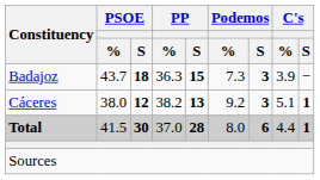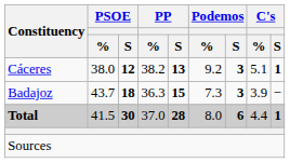 <table class="wikitable sortable" style="text-align:right; line-height:20px;">
 <tr>
 <th rowspan="3">Constituency</th>
 <th colspan="2" width="30px" class="unsortable"><a href='#'>PSOE</a></th>
 <th colspan="2" width="30px" class="unsortable"><a href='#'>PP</a></th>
 <th colspan="2" width="30px" class="unsortable"><a href='#'>Podemos</a></th>
 <th colspan="2" width="30px" class="unsortable"><a href='#'>C's</a></th>
 </tr>
 <tr>
 <th colspan="2" style="background:"></th>
 <th colspan="2" style="background:"></th>
 <th colspan="2" style="background:"></th>
 <th colspan="2" style="background:"></th>
 </tr>
 <tr>
 <th data-sort-type="number">%</th>
 <th data-sort-type="number">S</th>
 <th data-sort-type="number">%</th>
 <th data-sort-type="number">S</th>
 <th data-sort-type="number">%</th>
 <th data-sort-type="number">S</th>
 <th data-sort-type="number">%</th>
 <th data-sort-type="number">S</th>
 </tr>
 <tr>
+<td align="left"><a href='#'>Cáceres</a></td>
+<td>38.0</td>
+<td><strong>12</strong></td>
+<td style="background:">38.2</td>
+<td><strong>13</strong></td>
+<td>9.2</td>
+<td><strong>3</strong></td>
+<td>5.1</td>
+<td><strong>1</strong></td>
+</tr>
+<tr>
 <td align="left"><a href='#'>Badajoz</a></td>
 <td style="background:">43.7</td>
 <td><strong>18</strong></td>
 <td>36.3</td>
 <td><strong>15</strong></td>
 <td>7.3</td>
 <td><strong>3</strong></td>
 <td>3.9</td>
 <td>−</td>
-</tr>
-<tr>
-<td align="left"><a href='#'>Cáceres</a></td>
-<td>38.0</td>
-<td><strong>12</strong></td>
-<td style="background:">38.2</td>
-<td><strong>13</strong></td>
-<td>9.2</td>
-<td><strong>3</strong></td>
-<td>5.1</td>
-<td><strong>1</strong></td>
 </tr>
 <tr style="background:#CDCDCD;">
 <td align="left"><strong>Total</strong></td>
 <td style="background:">41.5</td>
 <td><strong>30</strong></td>
 <td>37.0</td>
 <td><strong>28</strong></td>
 <td>8.0</td>
 <td><strong>6</strong></td>
 <td>4.4</td>
 <td><strong>1</strong></td>
 </tr>
 <tr>
 <th colspan="9"></th>
 </tr>
 <tr>
 <th style="text-align:left; font-weight:normal; background:#F9F9F9" colspan="9">Sources</th>
 </tr>
 </table>
